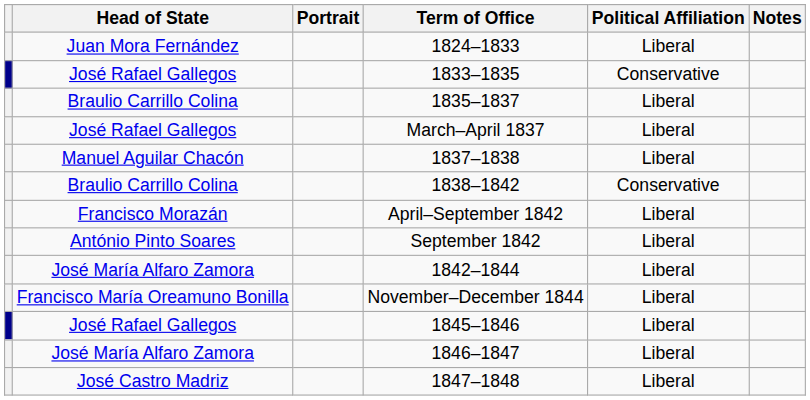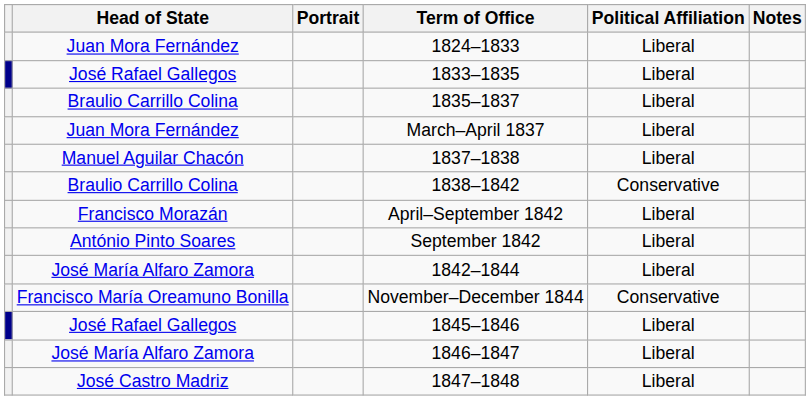 <table class="wikitable" style="text-align:center">
 <tr style="background:#cccccc">
 <th></th>
 <th>Head of State</th>
 <th>Portrait</th>
 <th>Term of Office</th>
 <th>Political Affiliation</th>
 <th>Notes</th>
 </tr>
 <tr>
 <th style="background:"></th>
 <td><a href='#'>Juan Mora Fernández</a><br></td>
 <td></td>
 <td>1824–1833</td>
 <td>Liberal</td>
 <td></td>
 </tr>
 <tr>
 <th style="background:darkblue"></th>
 <td><a href='#'>José Rafael Gallegos</a><br></td>
 <td></td>
 <td>1833–1835</td>
-<td>Conservative</td>
+<td>Liberal</td>
 <td></td>
 </tr>
 <tr>
 <th style="background:"></th>
 <td><a href='#'>Braulio Carrillo Colina</a><br></td>
 <td></td>
 <td>1835–1837</td>
 <td>Liberal</td>
 <td></td>
 </tr>
 <tr>
 <th style="background:"></th>
-<td><a href='#'>José Rafael Gallegos</a><br></td>
+<td><a href='#'>Juan Mora Fernández</a><br></td>
 <td></td>
 <td>March–April 1837</td>
 <td>Liberal</td>
 <td></td>
 </tr>
 <tr>
 <th style="background:"></th>
 <td><a href='#'>Manuel Aguilar Chacón</a><br></td>
 <td></td>
 <td>1837–1838</td>
 <td>Liberal</td>
 <td></td>
 </tr>
 <tr>
 <th style="background:"></th>
 <td><a href='#'>Braulio Carrillo Colina</a><br></td>
 <td></td>
 <td>1838–1842</td>
 <td>Conservative</td>
 <td></td>
 </tr>
 <tr>
 <th style="background:"></th>
 <td><a href='#'>Francisco Morazán</a><br></td>
 <td></td>
 <td>April–September 1842</td>
 <td>Liberal</td>
 <td></td>
 </tr>
 <tr>
 <th style="background:"></th>
 <td><a href='#'>António Pinto Soares</a><br></td>
 <td></td>
 <td>September 1842</td>
 <td>Liberal</td>
 <td></td>
 </tr>
 <tr>
 <th style="background:"></th>
 <td><a href='#'>José María Alfaro Zamora</a><br></td>
 <td></td>
 <td>1842–1844</td>
 <td>Liberal</td>
 <td></td>
 </tr>
 <tr>
 <th style="background:"></th>
 <td><a href='#'>Francisco María Oreamuno Bonilla</a><br></td>
 <td></td>
 <td>November–December 1844</td>
-<td>Liberal</td>
+<td>Conservative</td>
 <td></td>
 </tr>
 <tr>
 <th style="background:darkblue"></th>
 <td><a href='#'>José Rafael Gallegos</a><br></td>
 <td></td>
 <td>1845–1846</td>
 <td>Liberal</td>
 <td></td>
 </tr>
 <tr>
 <th style="background:"></th>
 <td><a href='#'>José María Alfaro Zamora</a><br></td>
 <td></td>
 <td>1846–1847</td>
 <td>Liberal</td>
 <td></td>
 </tr>
 <tr>
 <th style="background:"></th>
 <td><a href='#'>José Castro Madriz</a><br></td>
 <td></td>
 <td>1847–1848</td>
 <td>Liberal</td>
 <td></td>
 </tr>
 </table>
